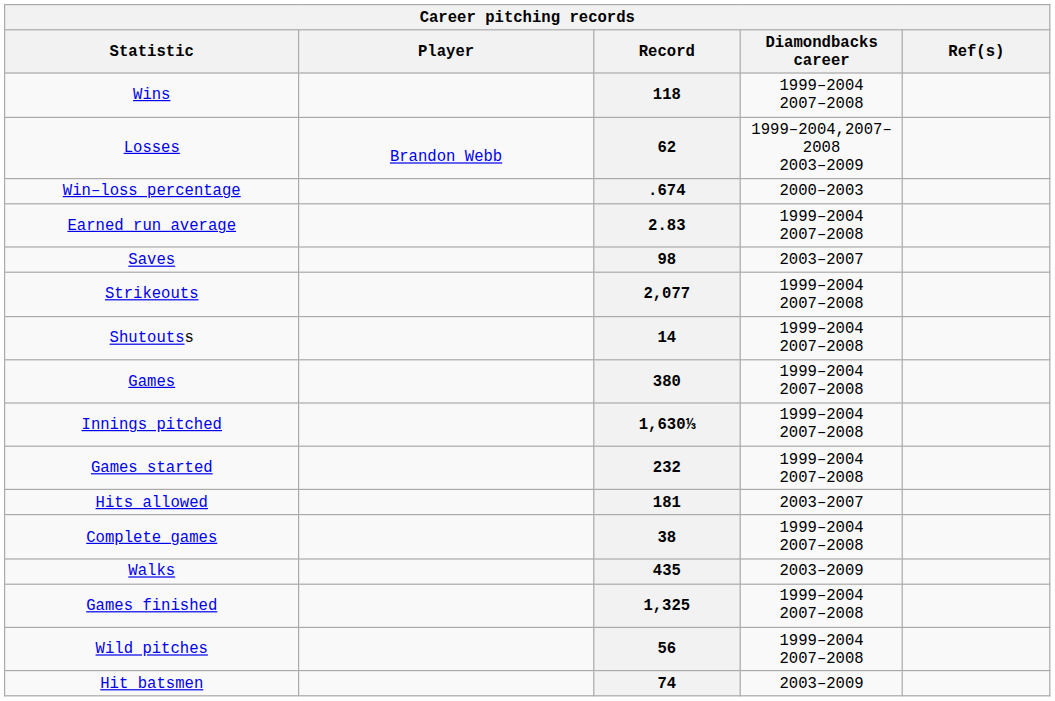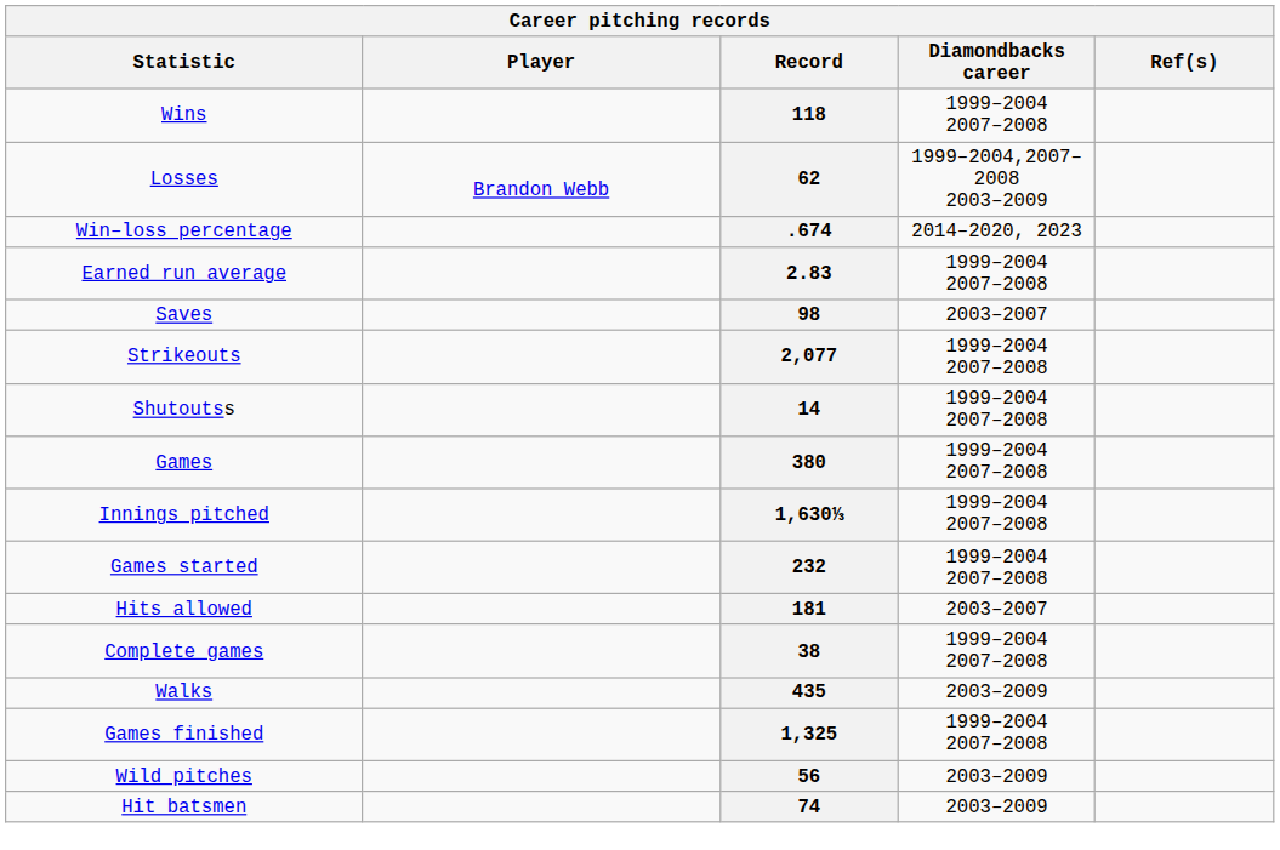 <table class="wikitable" style="text-align:center" width="69%">
 <tr>
 <th colspan=5>Career pitching records</th>
 </tr>
 <tr>
 <th scope="col" width=20%>Statistic</th>
 <th scope="col" width=20%>Player</th>
 <th scope="col" width=10% class="unsortable">Record</th>
 <th scope="col" width=10%>Diamondbacks career</th>
 <th scope="col" width=10% class="unsortable">Ref(s)</th>
 </tr>
 <tr>
 <td><a href='#'>Wins</a></td>
 <td></td>
 <th scope="row">118</th>
 <td>1999–2004<br>2007–2008</td>
 <td></td>
 </tr>
 <tr>
 <td><a href='#'>Losses</a></td>
 <td><br><a href='#'>Brandon Webb</a></td>
 <th scope="row">62</th>
 <td>1999–2004,2007–2008<br>2003–2009</td>
 <td></td>
 </tr>
 <tr>
 <td><a href='#'>Win–loss percentage</a></td>
 <td></td>
 <th scope="row">.674</th>
-<td>2000–2003</td>
+<td>2014–2020, 2023</td>
 <td></td>
 </tr>
 <tr>
 <td><a href='#'>Earned run average</a></td>
 <td></td>
 <th scope="row">2.83</th>
 <td>1999–2004<br>2007–2008</td>
 <td></td>
 </tr>
 <tr>
 <td><a href='#'>Saves</a></td>
 <td></td>
 <th scope="row">98</th>
 <td>2003–2007</td>
 <td></td>
 </tr>
 <tr>
 <td><a href='#'>Strikeouts</a></td>
 <td></td>
 <th scope="row">2,077</th>
 <td>1999–2004<br>2007–2008</td>
 <td></td>
 </tr>
 <tr>
 <td><a href='#'>Shutouts</a>s</td>
 <td></td>
 <th scope="row">14</th>
 <td>1999–2004<br>2007–2008</td>
 <td></td>
 </tr>
 <tr>
 <td><a href='#'>Games</a></td>
 <td></td>
 <th scope="row">380</th>
 <td>1999–2004<br>2007–2008</td>
 <td></td>
 </tr>
 <tr>
 <td><a href='#'>Innings pitched</a></td>
 <td></td>
 <th scope="row">1,630⅓</th>
 <td>1999–2004<br>2007–2008</td>
 <td></td>
 </tr>
 <tr>
 <td><a href='#'>Games started</a></td>
 <td></td>
 <th scope="row">232</th>
 <td>1999–2004<br>2007–2008</td>
 <td></td>
 </tr>
 <tr>
 <td><a href='#'>Hits allowed</a></td>
 <td></td>
 <th scope="row">181</th>
 <td>2003–2007</td>
 <td></td>
 </tr>
 <tr>
 <td><a href='#'>Complete games</a></td>
 <td></td>
 <th scope="row">38</th>
 <td>1999–2004<br>2007–2008</td>
 <td></td>
 </tr>
 <tr>
 <td><a href='#'>Walks</a></td>
 <td></td>
 <th scope="row">435</th>
 <td>2003–2009</td>
 <td></td>
 </tr>
 <tr>
 <td><a href='#'>Games finished</a></td>
 <td></td>
 <th scope="row">1,325</th>
 <td>1999–2004<br>2007–2008</td>
 <td></td>
 </tr>
 <tr>
 <td><a href='#'>Wild pitches</a></td>
 <td></td>
 <th scope="row">56</th>
-<td>1999–2004<br>2007–2008</td>
+<td>2003–2009</td>
 <td></td>
 </tr>
 <tr>
 <td><a href='#'>Hit batsmen</a></td>
 <td></td>
 <th scope="row">74</th>
 <td>2003–2009</td>
 <td></td>
 </tr>
 </table>
